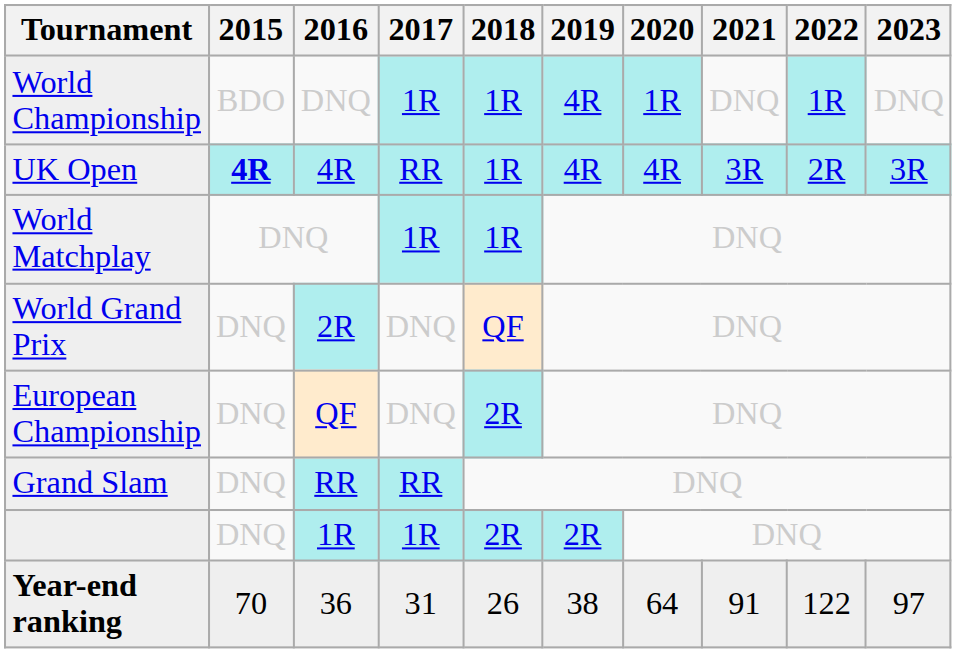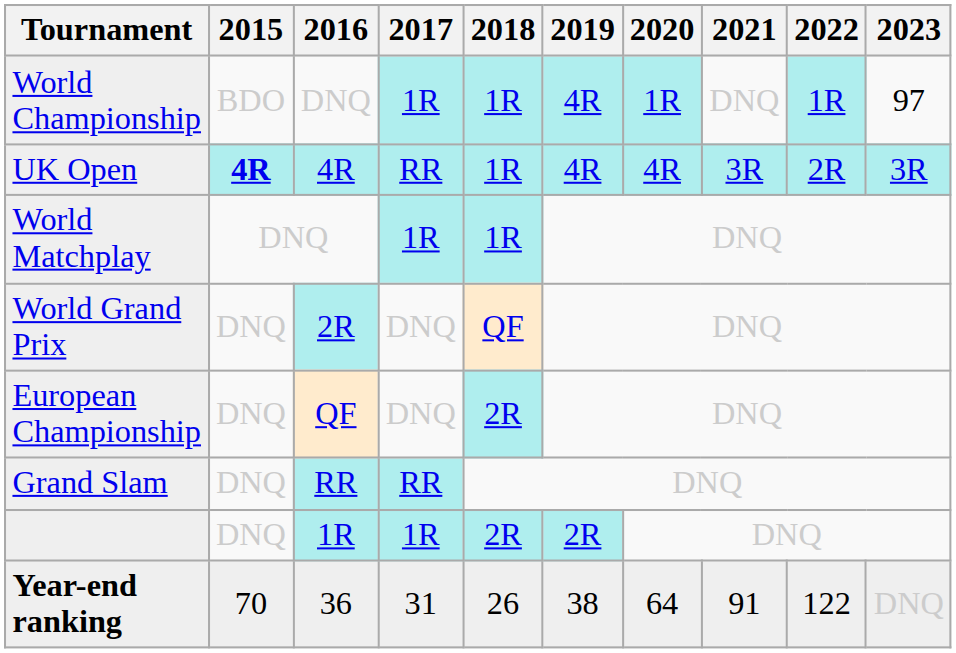 <table class="wikitable" style="width:20%; margin:0">
 <tr>
 <th>Tournament</th>
 <th>2015</th>
 <th>2016</th>
 <th>2017</th>
 <th>2018</th>
 <th>2019</th>
 <th>2020</th>
 <th>2021</th>
 <th>2022</th>
 <th>2023</th>
 </tr>
 <tr>
 <td style="background:#efefef;"><a href='#'>World Championship</a></td>
 <td style="text-align:center; color:#ccc;">BDO</td>
 <td style="text-align:center; color:#ccc;">DNQ</td>
 <td style="text-align:center; background:#afeeee;"><a href='#'>1R</a></td>
 <td style="text-align:center; background:#afeeee;"><a href='#'>1R</a></td>
 <td style="text-align:center; background:#afeeee;"><a href='#'>4R</a></td>
 <td style="text-align:center; background:#afeeee;"><a href='#'>1R</a></td>
 <td style="text-align:center; color:#ccc;">DNQ</td>
 <td style="text-align:center; background:#afeeee;"><a href='#'>1R</a></td>
-<td style="text-align:center; color:#ccc;">DNQ</td>
+<td style="text-align:center;">97</td>
 </tr>
 <tr>
 <td style="background:#efefef;"><a href='#'>UK Open</a></td>
 <td style="text-align:center; background:#afeeee;"><strong><a href='#'>4R</a></strong></td>
 <td style="text-align:center; background:#afeeee;"><a href='#'>4R</a></td>
 <td style="text-align:center; background:#afeeee;"><a href='#'>RR</a></td>
 <td style="text-align:center; background:#afeeee;"><a href='#'>1R</a></td>
 <td style="text-align:center; background:#afeeee;"><a href='#'>4R</a></td>
 <td style="text-align:center; background:#afeeee;"><a href='#'>4R</a></td>
 <td style="text-align:center; background:#afeeee;"><a href='#'>3R</a></td>
 <td style="text-align:center; background:#afeeee;"><a href='#'>2R</a></td>
 <td style="text-align:center; background:#afeeee;"><a href='#'>3R</a></td>
 </tr>
 <tr>
 <td style="background:#efefef;"><a href='#'>World Matchplay</a></td>
 <td colspan="2" style="text-align:center; color:#ccc;">DNQ</td>
 <td style="text-align:center; background:#afeeee;"><a href='#'>1R</a></td>
 <td style="text-align:center; background:#afeeee;"><a href='#'>1R</a></td>
 <td colspan="5"  style="text-align:center; color:#ccc;">DNQ</td>
 </tr>
 <tr>
 <td style="background:#efefef;"><a href='#'>World Grand Prix</a></td>
 <td style="text-align:center; color:#ccc;">DNQ</td>
 <td style="text-align:center; background:#afeeee;"><a href='#'>2R</a></td>
 <td style="text-align:center; color:#ccc;">DNQ</td>
 <td style="text-align:center; background:#ffebcd;"><a href='#'>QF</a></td>
 <td colspan="5"  style="text-align:center; color:#ccc;">DNQ</td>
 </tr>
 <tr>
 <td style="background:#efefef;"><a href='#'>European Championship</a></td>
 <td style="text-align:center; color:#ccc;">DNQ</td>
 <td style="text-align:center; background:#ffebcd;"><a href='#'>QF</a></td>
 <td style="text-align:center; color:#ccc;">DNQ</td>
 <td style="text-align:center; background:#afeeee;"><a href='#'>2R</a></td>
 <td colspan="5"  style="text-align:center; color:#ccc;">DNQ</td>
 </tr>
 <tr>
 <td style="background:#efefef;"><a href='#'>Grand Slam</a></td>
 <td style="text-align:center; color:#ccc;">DNQ</td>
 <td style="text-align:center; background:#afeeee;"><a href='#'>RR</a></td>
 <td style="text-align:center; background:#afeeee;"><a href='#'>RR</a></td>
 <td colspan="6" style="text-align:center; color:#ccc;">DNQ</td>
 </tr>
 <tr>
 <td style="background:#efefef;"></td>
 <td style="text-align:center; color:#ccc;">DNQ</td>
 <td style="text-align:center; background:#afeeee;"><a href='#'>1R</a></td>
 <td style="text-align:center; background:#afeeee;"><a href='#'>1R</a></td>
 <td style="text-align:center; background:#afeeee;"><a href='#'>2R</a></td>
 <td style="text-align:center; background:#afeeee;"><a href='#'>2R</a></td>
 <td colspan="4" style="text-align:center; color:#ccc;">DNQ</td>
 </tr>
 <tr bgcolor="efefef">
 <td align="left"><strong>Year-end ranking</strong></td>
 <td style="text-align:center;">70</td>
 <td style="text-align:center;">36</td>
 <td style="text-align:center;">31</td>
 <td style="text-align:center;">26</td>
 <td style="text-align:center;">38</td>
 <td style="text-align:center;">64</td>
 <td style="text-align:center;">91</td>
 <td style="text-align:center;">122</td>
-<td style="text-align:center;">97</td>
+<td style="text-align:center; color:#ccc;">DNQ</td>
 </tr>
 </table>
